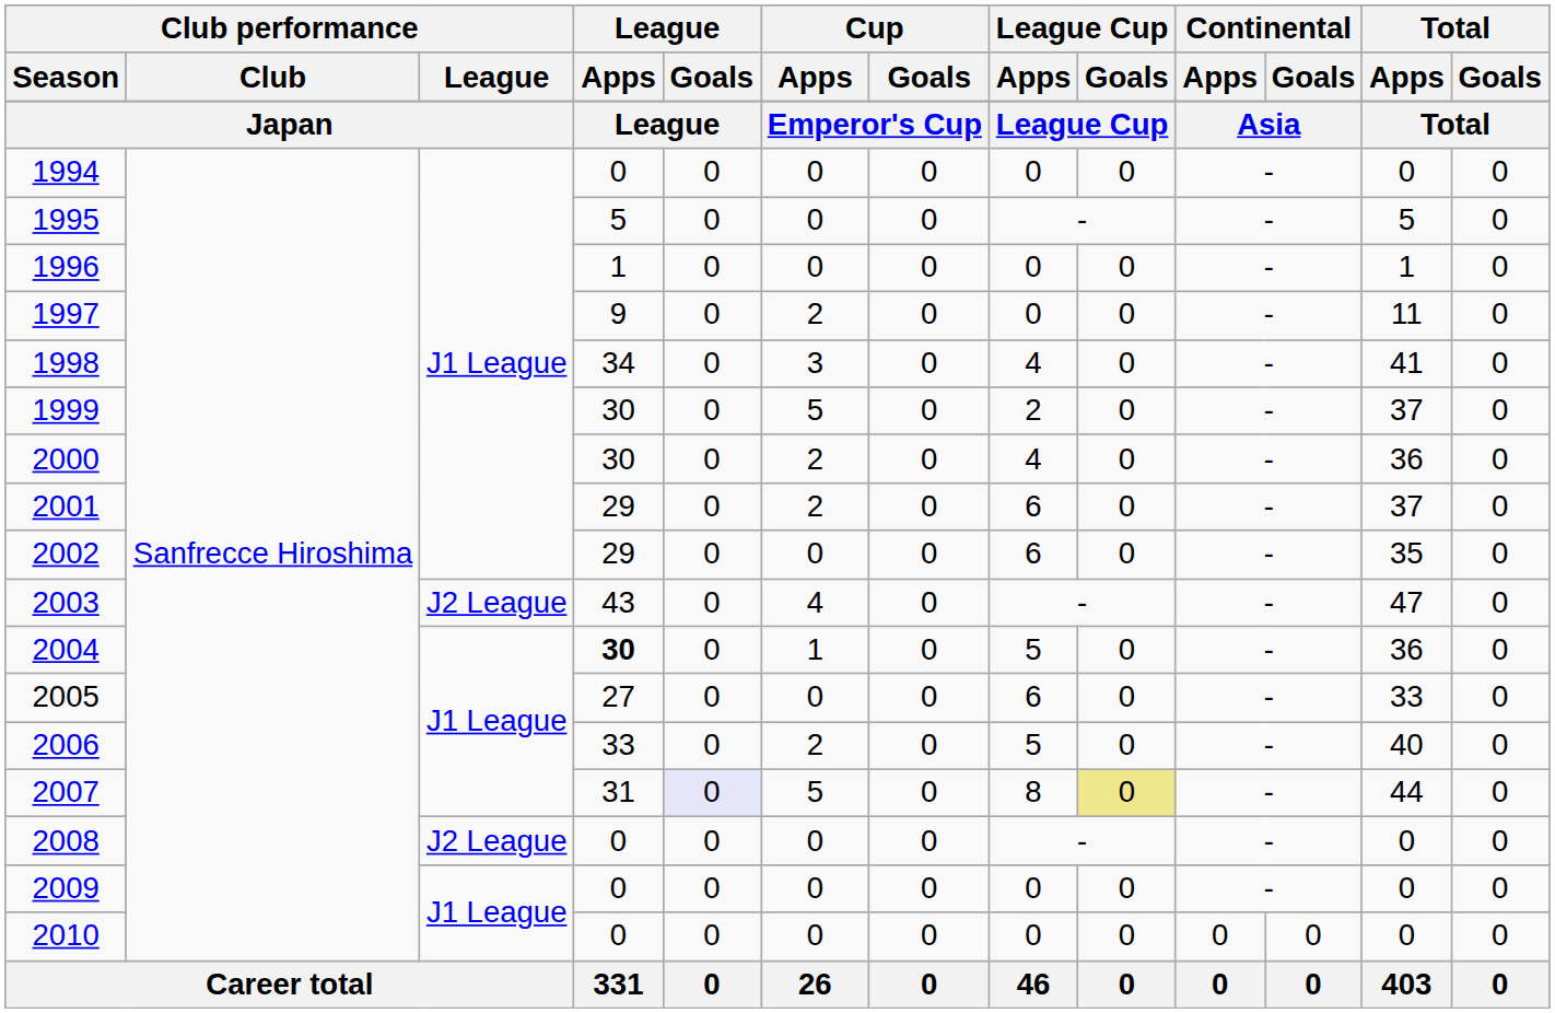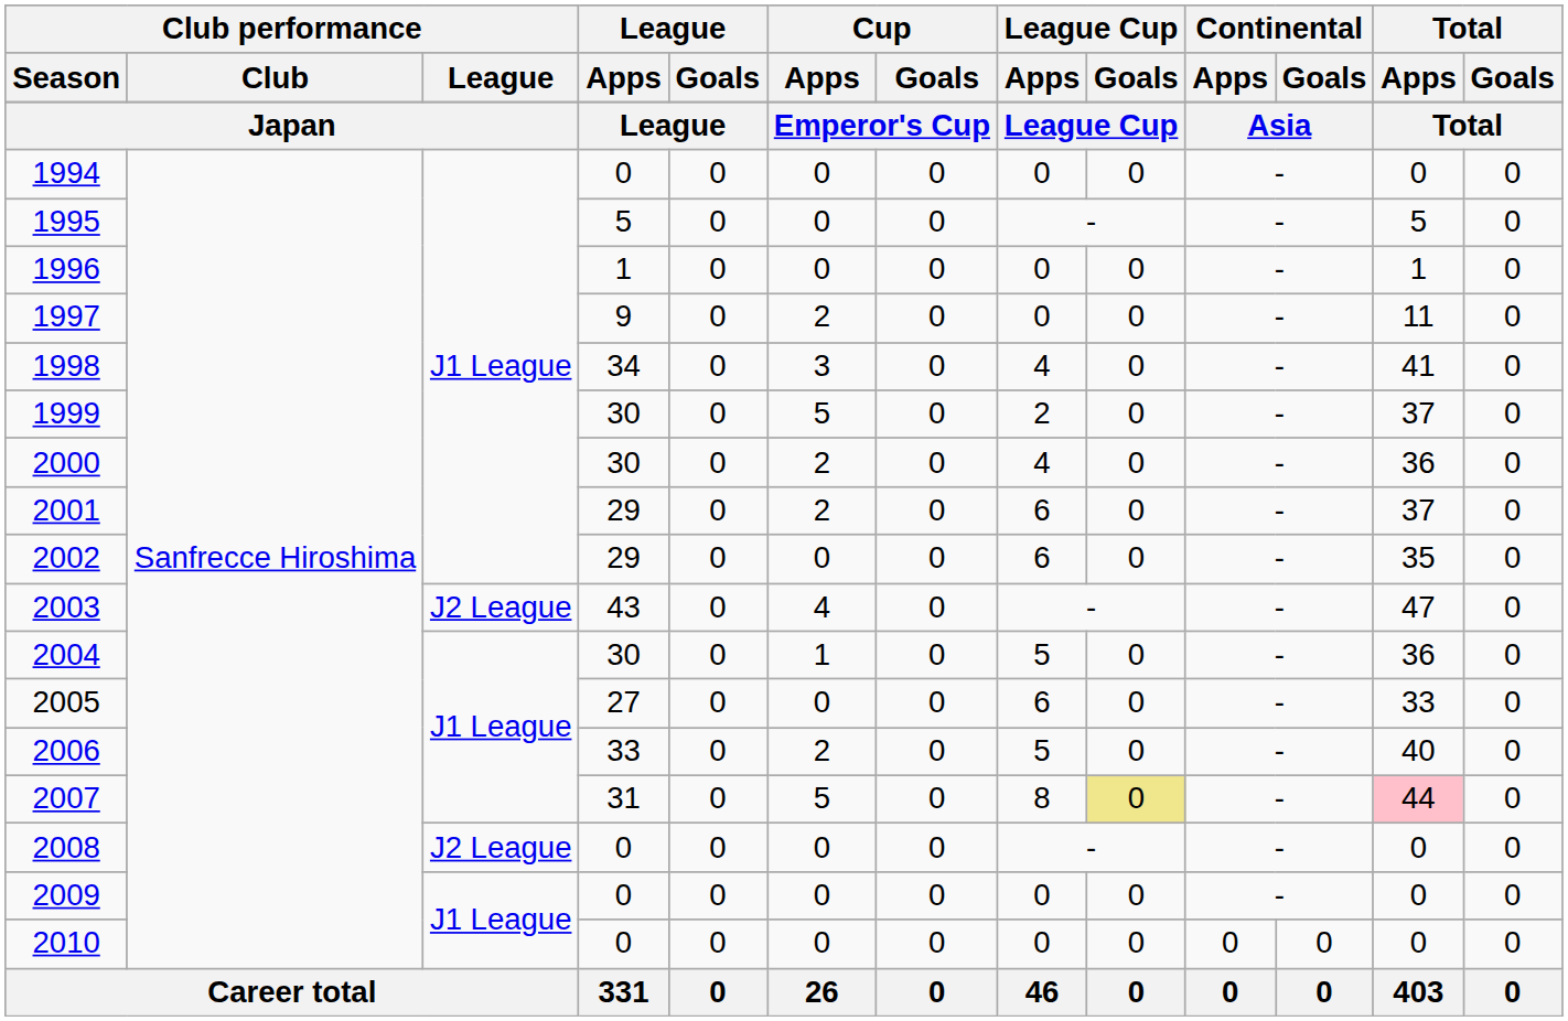 <table class="wikitable" style="text-align:center">
 <tr>
 <th colspan=3>Club performance</th>
 <th colspan=2>League</th>
 <th colspan=2>Cup</th>
 <th colspan=2>League Cup</th>
 <th colspan=2>Continental</th>
 <th colspan=2>Total</th>
 </tr>
 <tr>
 <th>Season</th>
 <th>Club</th>
 <th>League</th>
 <th>Apps</th>
 <th>Goals</th>
 <th>Apps</th>
 <th>Goals</th>
 <th>Apps</th>
 <th>Goals</th>
 <th>Apps</th>
 <th>Goals</th>
 <th>Apps</th>
 <th>Goals</th>
 </tr>
 <tr>
 </tr>
 <tr>
 <th colspan=3>Japan</th>
 <th colspan=2>League</th>
 <th colspan=2><a href='#'>Emperor's Cup</a></th>
 <th colspan=2><a href='#'>League Cup</a></th>
 <th colspan=2><a href='#'>Asia</a></th>
 <th colspan=2>Total</th>
 </tr>
 <tr>
 <td><a href='#'>1994</a></td>
 <td rowspan="17"><a href='#'>Sanfrecce Hiroshima</a></td>
 <td rowspan="9"><a href='#'>J1 League</a></td>
 <td>0</td>
 <td>0</td>
 <td>0</td>
 <td>0</td>
 <td>0</td>
 <td>0</td>
 <td colspan="2">-</td>
 <td>0</td>
 <td>0</td>
 </tr>
 <tr>
 <td><a href='#'>1995</a></td>
 <td>5</td>
 <td>0</td>
 <td>0</td>
 <td>0</td>
 <td colspan="2">-</td>
 <td colspan="2">-</td>
 <td>5</td>
 <td>0</td>
 </tr>
 <tr>
 <td><a href='#'>1996</a></td>
 <td>1</td>
 <td>0</td>
 <td>0</td>
 <td>0</td>
 <td>0</td>
 <td>0</td>
 <td colspan="2">-</td>
 <td>1</td>
 <td>0</td>
 </tr>
 <tr>
 <td><a href='#'>1997</a></td>
 <td>9</td>
 <td>0</td>
 <td>2</td>
 <td>0</td>
 <td>0</td>
 <td>0</td>
 <td colspan="2">-</td>
 <td>11</td>
 <td>0</td>
 </tr>
 <tr>
 <td><a href='#'>1998</a></td>
 <td>34</td>
 <td>0</td>
 <td>3</td>
 <td>0</td>
 <td>4</td>
 <td>0</td>
 <td colspan="2">-</td>
 <td>41</td>
 <td>0</td>
 </tr>
 <tr>
 <td><a href='#'>1999</a></td>
 <td>30</td>
 <td>0</td>
 <td>5</td>
 <td>0</td>
 <td>2</td>
 <td>0</td>
 <td colspan="2">-</td>
 <td>37</td>
 <td>0</td>
 </tr>
 <tr>
 <td><a href='#'>2000</a></td>
 <td>30</td>
 <td>0</td>
 <td>2</td>
 <td>0</td>
 <td>4</td>
 <td>0</td>
 <td colspan="2">-</td>
 <td>36</td>
 <td>0</td>
 </tr>
 <tr>
 <td><a href='#'>2001</a></td>
 <td>29</td>
 <td>0</td>
 <td>2</td>
 <td>0</td>
 <td>6</td>
 <td>0</td>
 <td colspan="2">-</td>
 <td>37</td>
 <td>0</td>
 </tr>
 <tr>
 <td><a href='#'>2002</a></td>
 <td>29</td>
 <td>0</td>
 <td>0</td>
 <td>0</td>
 <td>6</td>
 <td>0</td>
 <td colspan="2">-</td>
 <td>35</td>
 <td>0</td>
 </tr>
 <tr>
 <td><a href='#'>2003</a></td>
 <td><a href='#'>J2 League</a></td>
 <td>43</td>
 <td>0</td>
 <td>4</td>
 <td>0</td>
 <td colspan="2">-</td>
 <td colspan="2">-</td>
 <td>47</td>
 <td>0</td>
 </tr>
 <tr>
 <td><a href='#'>2004</a></td>
 <td rowspan="4"><a href='#'>J1 League</a></td>
-<td><strong>30</strong></td>
+<td>30</td>
 <td>0</td>
 <td>1</td>
 <td>0</td>
 <td>5</td>
 <td>0</td>
 <td colspan="2">-</td>
 <td>36</td>
 <td>0</td>
 </tr>
 <tr>
 <td>2005</td>
 <td>27</td>
 <td>0</td>
 <td>0</td>
 <td>0</td>
 <td>6</td>
 <td>0</td>
 <td colspan="2">-</td>
 <td>33</td>
 <td>0</td>
 </tr>
 <tr>
 <td><a href='#'>2006</a></td>
 <td>33</td>
 <td>0</td>
 <td>2</td>
 <td>0</td>
 <td>5</td>
 <td>0</td>
 <td colspan="2">-</td>
 <td>40</td>
 <td>0</td>
 </tr>
 <tr>
 <td><a href='#'>2007</a></td>
 <td>31</td>
-<td style="background: lavender;">0</td>
+<td>0</td>
 <td>5</td>
 <td>0</td>
 <td>8</td>
 <td style="background: khaki;">0</td>
 <td colspan="2">-</td>
-<td>44</td>
+<td style="background: pink;">44</td>
 <td>0</td>
 </tr>
 <tr>
 <td><a href='#'>2008</a></td>
 <td><a href='#'>J2 League</a></td>
 <td>0</td>
 <td>0</td>
 <td>0</td>
 <td>0</td>
 <td colspan="2">-</td>
 <td colspan="2">-</td>
 <td>0</td>
 <td>0</td>
 </tr>
 <tr>
 <td><a href='#'>2009</a></td>
 <td rowspan="2"><a href='#'>J1 League</a></td>
 <td>0</td>
 <td>0</td>
 <td>0</td>
 <td>0</td>
 <td>0</td>
 <td>0</td>
 <td colspan="2">-</td>
 <td>0</td>
 <td>0</td>
 </tr>
 <tr>
 <td><a href='#'>2010</a></td>
 <td>0</td>
 <td>0</td>
 <td>0</td>
 <td>0</td>
 <td>0</td>
 <td>0</td>
 <td>0</td>
 <td>0</td>
 <td>0</td>
 <td>0</td>
 </tr>
 <tr>
 <th colspan=3>Career total</th>
 <th>331</th>
 <th>0</th>
 <th>26</th>
 <th>0</th>
 <th>46</th>
 <th>0</th>
 <th>0</th>
 <th>0</th>
 <th>403</th>
 <th>0</th>
 </tr>
 </table>
